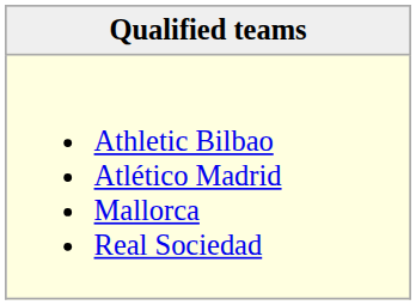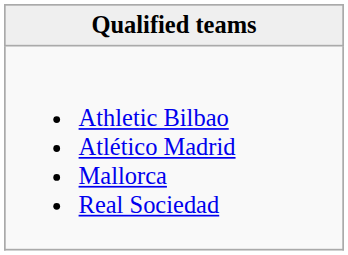 <table class="wikitable" style="font-size:90%" width=200>
 <tr bgcolor=#efefef align=center>
 <td><strong>Qualified teams</strong><br></td>
 </tr>
 <tr valign=top>
-<td style="background: lightyellow;"><br><ul><li><a href='#'>Athletic Bilbao</a></li><li><a href='#'>Atlético Madrid</a></li><li><a href='#'>Mallorca</a></li><li><a href='#'>Real Sociedad</a></li></ul></td>
+<td><br><ul><li><a href='#'>Athletic Bilbao</a></li><li><a href='#'>Atlético Madrid</a></li><li><a href='#'>Mallorca</a></li><li><a href='#'>Real Sociedad</a></li></ul></td>
 </tr>
 </table>
